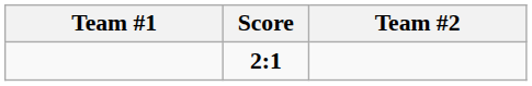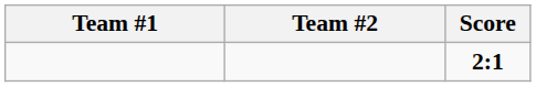 <table class="wikitable" style="text-align:center;">
 <tr>
 <th width=140>Team #1</th>
+<th width=140>Team #2</th>
 <th width=50>Score</th>
-<th width=140>Team #2</th>
 </tr>
 <tr>
 <td style="text-align:right;"></td>
+<td style="text-align:left;"></td>
 <td><strong>2:1</strong></td>
-<td style="text-align:left;"></td>
 </tr>
 </table>
